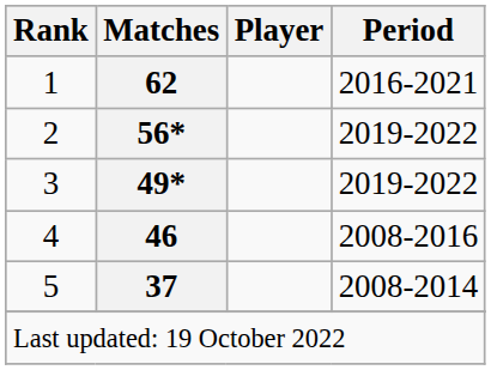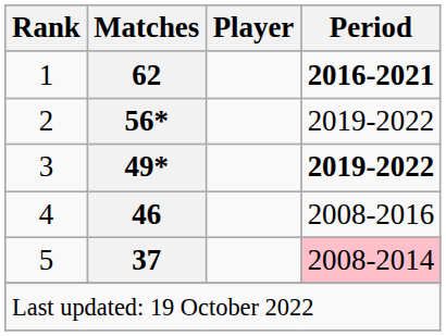 <table class="wikitable plainrowheaders sortable">
 <tr>
 <th scope=col>Rank</th>
 <th scope=col>Matches</th>
 <th scope=col>Player</th>
 <th scope=col>Period</th>
 </tr>
 <tr>
 <td align=center>1</td>
 <th scope=row style=text-align:center;>62</th>
 <td></td>
-<td>2016-2021</td>
+<td><strong>2016-2021</strong></td>
 </tr>
 <tr>
 <td align=center>2</td>
 <th scope=row style=text-align:center;>56*</th>
 <td></td>
 <td>2019-2022</td>
 </tr>
 <tr>
 <td align=center>3</td>
 <th scope=row style=text-align:center;>49*</th>
 <td></td>
-<td>2019-2022</td>
+<td><strong>2019-2022</strong></td>
 </tr>
 <tr>
 <td align=center>4</td>
 <th scope=row style=text-align:center;>46</th>
 <td></td>
 <td>2008-2016</td>
 </tr>
 <tr>
 <td align=center>5</td>
 <th scope=row style=text-align:center;>37</th>
 <td></td>
-<td>2008-2014</td>
+<td style="background: pink;">2008-2014</td>
 </tr>
 <tr>
 </tr>
 <tr class=sortbottom>
 <td colspan=4><small>Last updated: 19 October 2022</small></td>
 </tr>
 </table>
